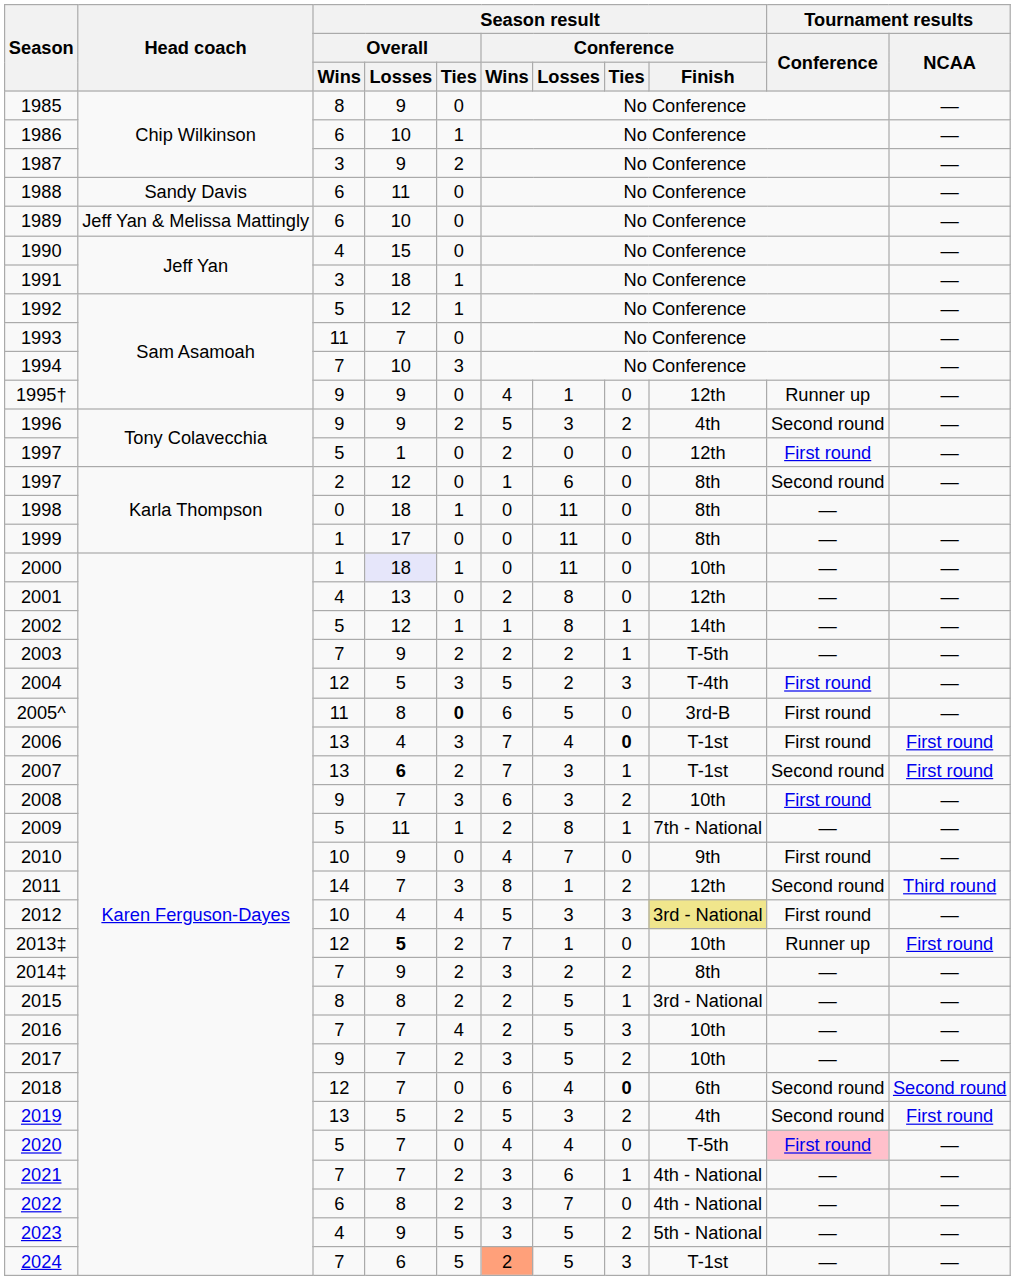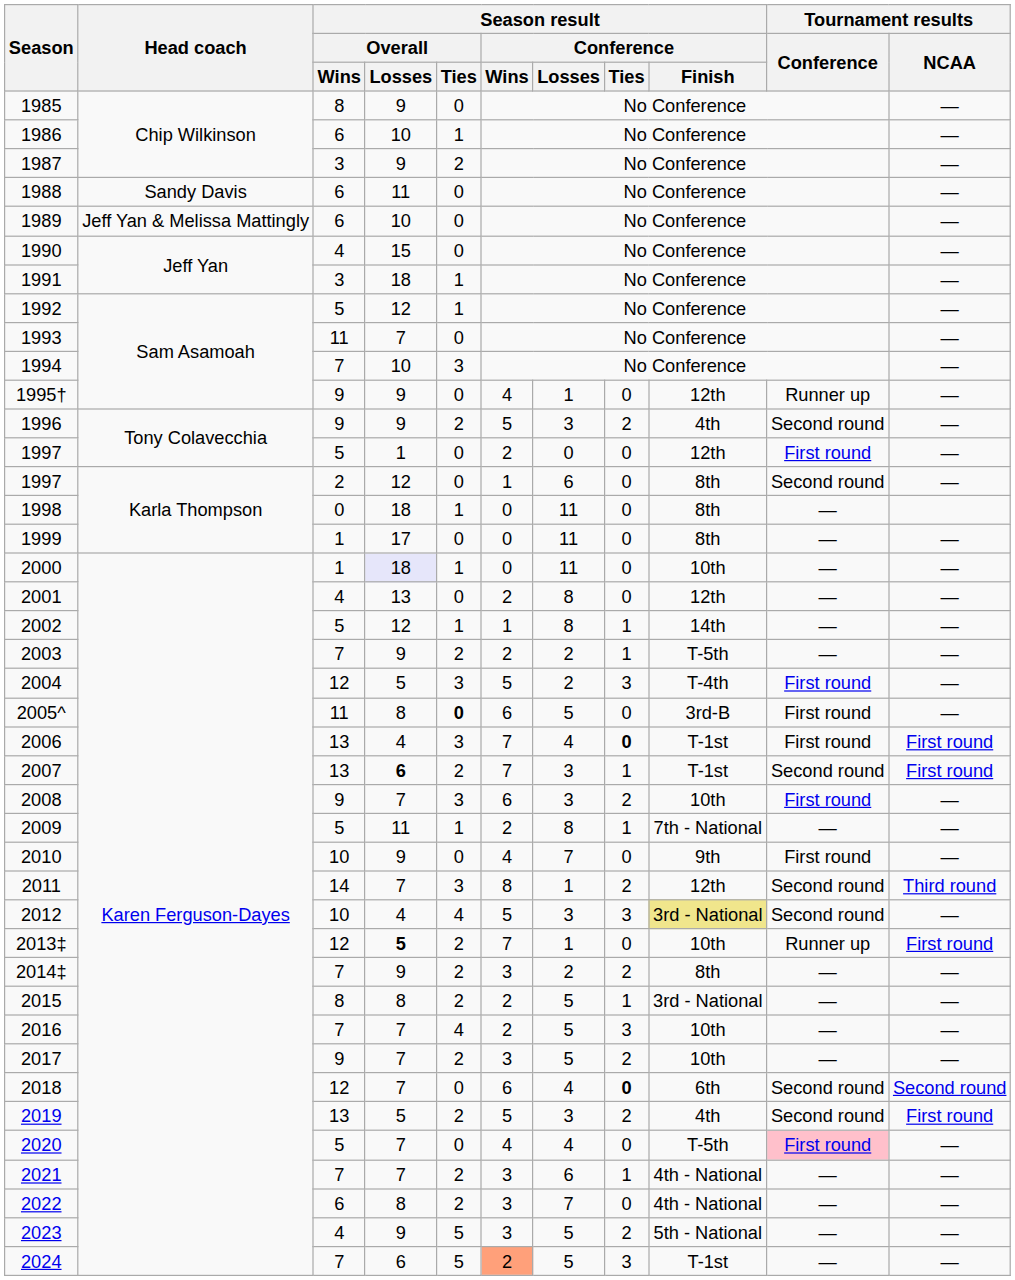 <table class="wikitable" style="font-size: 95%; text-align:center;">
 <tr>
 <th rowspan=3>Season</th>
 <th rowspan=3>Head coach</th>
 <th colspan=7>Season result</th>
 <th colspan=2>Tournament results</th>
 </tr>
 <tr>
 <th colspan=3>Overall</th>
 <th colspan=4>Conference</th>
 <th rowspan=2>Conference</th>
 <th rowspan=2>NCAA</th>
 </tr>
 <tr>
 <th>Wins</th>
 <th>Losses</th>
 <th>Ties</th>
 <th>Wins</th>
 <th>Losses</th>
 <th>Ties</th>
 <th>Finish</th>
 </tr>
 <tr>
 <td>1985</td>
 <td rowspan="3">Chip Wilkinson</td>
 <td>8</td>
 <td>9</td>
 <td>0</td>
 <td colspan=5>No Conference</td>
 <td>—</td>
 </tr>
 <tr>
 <td>1986</td>
 <td>6</td>
 <td>10</td>
 <td>1</td>
 <td colspan=5>No Conference</td>
 <td>—</td>
 </tr>
 <tr>
 <td>1987</td>
 <td>3</td>
 <td>9</td>
 <td>2</td>
 <td colspan=5>No Conference</td>
 <td>—</td>
 </tr>
 <tr>
 <td>1988</td>
 <td>Sandy Davis</td>
 <td>6</td>
 <td>11</td>
 <td>0</td>
 <td colspan=5>No Conference</td>
 <td>—</td>
 </tr>
 <tr>
 <td>1989</td>
 <td>Jeff Yan & Melissa Mattingly</td>
 <td>6</td>
 <td>10</td>
 <td>0</td>
 <td colspan=5>No Conference</td>
 <td>—</td>
 </tr>
 <tr>
 <td>1990</td>
 <td rowspan="2">Jeff Yan</td>
 <td>4</td>
 <td>15</td>
 <td>0</td>
 <td colspan=5>No Conference</td>
 <td>—</td>
 </tr>
 <tr>
 <td>1991</td>
 <td>3</td>
 <td>18</td>
 <td>1</td>
 <td colspan=5>No Conference</td>
 <td>—</td>
 </tr>
 <tr>
 <td>1992</td>
 <td rowspan=4>Sam Asamoah</td>
 <td>5</td>
 <td>12</td>
 <td>1</td>
 <td colspan=5>No Conference</td>
 <td>—</td>
 </tr>
 <tr>
 <td>1993</td>
 <td>11</td>
 <td>7</td>
 <td>0</td>
 <td colspan=5>No Conference</td>
 <td>—</td>
 </tr>
 <tr>
 <td>1994</td>
 <td>7</td>
 <td>10</td>
 <td>3</td>
 <td colspan=5>No Conference</td>
 <td>—</td>
 </tr>
 <tr>
 <td>1995†</td>
 <td>9</td>
 <td>9</td>
 <td>0</td>
 <td>4</td>
 <td>1</td>
 <td>0</td>
 <td>12th</td>
 <td>Runner up</td>
 <td>—</td>
 </tr>
 <tr>
 <td>1996</td>
 <td rowspan=2>Tony Colavecchia</td>
 <td>9</td>
 <td>9</td>
 <td>2</td>
 <td>5</td>
 <td>3</td>
 <td>2</td>
 <td>4th</td>
 <td>Second round</td>
 <td>—</td>
 </tr>
 <tr>
 <td>1997</td>
 <td>5</td>
 <td>1</td>
 <td>0</td>
 <td>2</td>
 <td>0</td>
 <td>0</td>
 <td>12th</td>
 <td><a href='#'>First round</a></td>
 <td>—</td>
 </tr>
 <tr>
 <td>1997</td>
 <td rowspan=3>Karla Thompson</td>
 <td>2</td>
 <td>12</td>
 <td>0</td>
 <td>1</td>
 <td>6</td>
 <td>0</td>
 <td>8th</td>
 <td>Second round</td>
 <td>—</td>
 </tr>
 <tr>
 <td>1998</td>
 <td>0</td>
 <td>18</td>
 <td>1</td>
 <td>0</td>
 <td>11</td>
 <td>0</td>
 <td>8th</td>
 <td>—</td>
 </tr>
 <tr>
 <td>1999</td>
 <td>1</td>
 <td>17</td>
 <td>0</td>
 <td>0</td>
 <td>11</td>
 <td>0</td>
 <td>8th</td>
 <td>—</td>
 <td>—</td>
 </tr>
 <tr>
 <td>2000</td>
 <td rowspan=25><a href='#'>Karen Ferguson-Dayes</a></td>
 <td>1</td>
 <td style="background: lavender;">18</td>
 <td>1</td>
 <td>0</td>
 <td>11</td>
 <td>0</td>
 <td>10th</td>
 <td>—</td>
 <td>—</td>
 </tr>
 <tr>
 <td>2001</td>
 <td>4</td>
 <td>13</td>
 <td>0</td>
 <td>2</td>
 <td>8</td>
 <td>0</td>
 <td>12th</td>
 <td>—</td>
 <td>—</td>
 </tr>
 <tr>
 <td>2002</td>
 <td>5</td>
 <td>12</td>
 <td>1</td>
 <td>1</td>
 <td>8</td>
 <td>1</td>
 <td>14th</td>
 <td>—</td>
 <td>—</td>
 </tr>
 <tr>
 <td>2003</td>
 <td>7</td>
 <td>9</td>
 <td>2</td>
 <td>2</td>
 <td>2</td>
 <td>1</td>
 <td>T-5th</td>
 <td>—</td>
 <td>—</td>
 </tr>
 <tr>
 <td>2004</td>
 <td>12</td>
 <td>5</td>
 <td>3</td>
 <td>5</td>
 <td>2</td>
 <td>3</td>
 <td>T-4th</td>
 <td><a href='#'>First round</a></td>
 <td>—</td>
 </tr>
 <tr>
 <td>2005^</td>
 <td>11</td>
 <td>8</td>
 <td><strong>0</strong></td>
 <td>6</td>
 <td>5</td>
 <td>0</td>
 <td>3rd-B</td>
 <td>First round</td>
 <td>—</td>
 </tr>
 <tr>
 <td>2006</td>
 <td>13</td>
 <td>4</td>
 <td>3</td>
 <td>7</td>
 <td>4</td>
 <td><strong>0</strong></td>
 <td>T-1st</td>
 <td>First round</td>
 <td><a href='#'>First round</a></td>
 </tr>
 <tr>
 <td>2007</td>
 <td>13</td>
 <td><strong>6</strong></td>
 <td>2</td>
 <td>7</td>
 <td>3</td>
 <td>1</td>
 <td>T-1st</td>
 <td>Second round</td>
 <td><a href='#'>First round</a></td>
 </tr>
 <tr>
 <td>2008</td>
 <td>9</td>
 <td>7</td>
 <td>3</td>
 <td>6</td>
 <td>3</td>
 <td>2</td>
 <td>10th</td>
 <td><a href='#'>First round</a></td>
 <td>—</td>
 </tr>
 <tr>
 <td>2009</td>
 <td>5</td>
 <td>11</td>
 <td>1</td>
 <td>2</td>
 <td>8</td>
 <td>1</td>
 <td>7th - National</td>
 <td>—</td>
 <td>—</td>
 </tr>
 <tr>
 <td>2010</td>
 <td>10</td>
 <td>9</td>
 <td>0</td>
 <td>4</td>
 <td>7</td>
 <td>0</td>
 <td>9th</td>
 <td>First round</td>
 <td>—</td>
 </tr>
 <tr>
 <td>2011</td>
 <td>14</td>
 <td>7</td>
 <td>3</td>
 <td>8</td>
 <td>1</td>
 <td>2</td>
 <td>12th</td>
 <td>Second round</td>
 <td><a href='#'>Third round</a></td>
 </tr>
 <tr>
 <td>2012</td>
 <td>10</td>
 <td>4</td>
 <td>4</td>
 <td>5</td>
 <td>3</td>
 <td>3</td>
 <td style="background: khaki;">3rd - National</td>
-<td>First round</td>
+<td>Second round</td>
 <td>—</td>
 </tr>
 <tr>
 <td>2013‡</td>
 <td>12</td>
 <td><strong>5</strong></td>
 <td>2</td>
 <td>7</td>
 <td>1</td>
 <td>0</td>
 <td>10th</td>
 <td>Runner up</td>
 <td><a href='#'>First round</a></td>
 </tr>
 <tr>
 <td>2014‡</td>
 <td>7</td>
 <td>9</td>
 <td>2</td>
 <td>3</td>
 <td>2</td>
 <td>2</td>
 <td>8th</td>
 <td>—</td>
 <td>—</td>
 </tr>
 <tr>
 <td>2015</td>
 <td>8</td>
 <td>8</td>
 <td>2</td>
 <td>2</td>
 <td>5</td>
 <td>1</td>
 <td>3rd - National</td>
 <td>—</td>
 <td>—</td>
 </tr>
 <tr>
 <td>2016</td>
 <td>7</td>
 <td>7</td>
 <td>4</td>
 <td>2</td>
 <td>5</td>
 <td>3</td>
 <td>10th</td>
 <td>—</td>
 <td>—</td>
 </tr>
 <tr>
 <td>2017</td>
 <td>9</td>
 <td>7</td>
 <td>2</td>
 <td>3</td>
 <td>5</td>
 <td>2</td>
 <td>10th</td>
 <td>—</td>
 <td>—</td>
 </tr>
 <tr>
 <td>2018</td>
 <td>12</td>
 <td>7</td>
 <td>0</td>
 <td>6</td>
 <td>4</td>
 <td><strong>0</strong></td>
 <td>6th</td>
 <td>Second round</td>
 <td><a href='#'>Second round</a></td>
 </tr>
 <tr>
 <td><a href='#'>2019</a></td>
 <td>13</td>
 <td>5</td>
 <td>2</td>
 <td>5</td>
 <td>3</td>
 <td>2</td>
 <td>4th</td>
 <td>Second round</td>
 <td><a href='#'>First round</a></td>
 </tr>
 <tr>
 <td><a href='#'>2020</a></td>
 <td>5</td>
 <td>7</td>
 <td>0</td>
 <td>4</td>
 <td>4</td>
 <td>0</td>
 <td>T-5th</td>
 <td style="background: pink;"><a href='#'>First round</a></td>
 <td>—</td>
 </tr>
 <tr>
 <td><a href='#'>2021</a></td>
 <td>7</td>
 <td>7</td>
 <td>2</td>
 <td>3</td>
 <td>6</td>
 <td>1</td>
 <td>4th - National</td>
 <td>—</td>
 <td>—</td>
 </tr>
 <tr>
 <td><a href='#'>2022</a></td>
 <td>6</td>
 <td>8</td>
 <td>2</td>
 <td>3</td>
 <td>7</td>
 <td>0</td>
 <td>4th - National</td>
 <td>—</td>
 <td>—</td>
 </tr>
 <tr>
 <td><a href='#'>2023</a></td>
 <td>4</td>
 <td>9</td>
 <td>5</td>
 <td>3</td>
 <td>5</td>
 <td>2</td>
 <td>5th - National</td>
 <td>—</td>
 <td>—</td>
 </tr>
 <tr>
 <td><a href='#'>2024</a></td>
 <td>7</td>
 <td>6</td>
 <td>5</td>
 <td style="background: lightsalmon;">2</td>
 <td>5</td>
 <td>3</td>
 <td>T-1st</td>
 <td>—</td>
 <td>—</td>
 </tr>
 </table>
